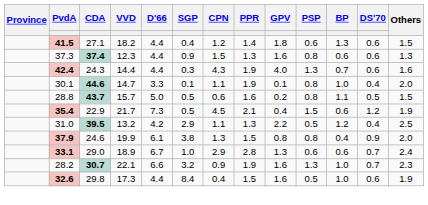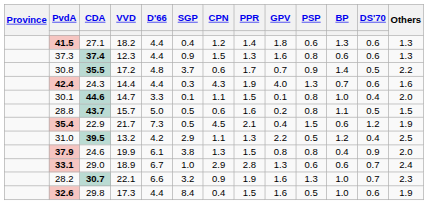 <table class="wikitable sortable" style="text-align:center;font-size:90%;line-height:14px">
 <tr style="height:40px;">
 <th rowspan="2"><a href='#'>Province</a></th>
 <th style="width:40px;"><a href='#'>PvdA</a></th>
 <th style="width:40px;"><a href='#'>CDA</a></th>
 <th style="width:40px;"><a href='#'>VVD</a></th>
 <th style="width:40px;"><a href='#'>D'66</a></th>
 <th style="width:40px;"><a href='#'>SGP</a></th>
 <th style="width:40px;"><a href='#'>CPN</a></th>
 <th style="width:40px;"><a href='#'>PPR</a></th>
 <th style="width:40px;"><a href='#'>GPV</a></th>
 <th style="width:40px;"><a href='#'>PSP</a></th>
 <th style="width:40px;"><a href='#'>BP</a></th>
 <th style="width:40px;"><a href='#'>DS'70</a></th>
 <th style="width:40px;" rowspan="2">Others</th>
 </tr>
 <tr>
 <th style="background:"></th>
 <th style="background:"></th>
 <th style="background:"></th>
 <th style="background:"></th>
 <th style="background:"></th>
 <th style="background:"></th>
 <th style="background:"></th>
 <th style="background:"></th>
 <th style="background:"></th>
 <th style="background:"></th>
 <th style="background:"></th>
 </tr>
 <tr>
 <td align="left"></td>
 <td style="background:#F6C5C1;"><strong>41.5</strong></td>
 <td>27.1</td>
 <td>18.2</td>
 <td>4.4</td>
 <td>0.4</td>
 <td>1.2</td>
 <td>1.4</td>
 <td>1.8</td>
 <td>0.6</td>
 <td>1.3</td>
 <td>0.6</td>
-<td>1.5</td>
+<td>1.3</td>
 </tr>
 <tr>
 <td align="left"></td>
 <td>37.3</td>
 <td style="background:#BADBD3;"><strong>37.4</strong></td>
 <td>12.3</td>
 <td>4.4</td>
 <td>0.9</td>
 <td>1.5</td>
 <td>1.3</td>
 <td>1.6</td>
 <td>0.8</td>
 <td>0.6</td>
 <td>0.6</td>
 <td>1.3</td>
+</tr>
+<tr>
+<td align="left"></td>
+<td>30.8</td>
+<td style="background:#BADBD3;"><strong>35.5</strong></td>
+<td>17.2</td>
+<td>4.8</td>
+<td>3.7</td>
+<td>0.6</td>
+<td>1.7</td>
+<td>0.7</td>
+<td>0.9</td>
+<td>1.4</td>
+<td>0.5</td>
+<td>2.2</td>
 </tr>
 <tr>
 <td align="left"></td>
 <td style="background:#F6C5C1;"><strong>42.4</strong></td>
 <td>24.3</td>
 <td>14.4</td>
 <td>4.4</td>
 <td>0.3</td>
 <td>4.3</td>
 <td>1.9</td>
 <td>4.0</td>
 <td>1.3</td>
 <td>0.7</td>
 <td>0.6</td>
 <td>1.6</td>
 </tr>
 <tr>
 <td align="left"></td>
 <td>30.1</td>
 <td style="background:#BADBD3;"><strong>44.6</strong></td>
 <td>14.7</td>
 <td>3.3</td>
 <td>0.1</td>
 <td>1.1</td>
-<td>1.9</td>
+<td>1.5</td>
 <td>0.1</td>
 <td>0.8</td>
 <td>1.0</td>
 <td>0.4</td>
 <td>2.0</td>
 </tr>
 <tr>
 <td align="left"></td>
 <td>28.8</td>
 <td style="background:#BADBD3;"><strong>43.7</strong></td>
 <td>15.7</td>
 <td>5.0</td>
 <td>0.5</td>
 <td>0.6</td>
 <td>1.6</td>
 <td>0.2</td>
 <td>0.8</td>
 <td>1.1</td>
 <td>0.5</td>
 <td>1.5</td>
 </tr>
 <tr>
 <td align="left"></td>
 <td style="background:#F6C5C1;"><strong>35.4</strong></td>
 <td>22.9</td>
 <td>21.7</td>
 <td>7.3</td>
 <td>0.5</td>
 <td>4.5</td>
 <td>2.1</td>
 <td>0.4</td>
 <td>1.5</td>
 <td>0.6</td>
 <td>1.2</td>
 <td>1.9</td>
 </tr>
 <tr>
 <td align="left"></td>
 <td>31.0</td>
 <td style="background:#BADBD3;"><strong>39.5</strong></td>
 <td>13.2</td>
 <td>4.2</td>
 <td>2.9</td>
 <td>1.1</td>
 <td>1.3</td>
 <td>2.2</td>
 <td>0.5</td>
 <td>1.2</td>
 <td>0.4</td>
 <td>2.5</td>
 </tr>
 <tr>
 <td align="left"></td>
 <td style="background:#F6C5C1;"><strong>37.9</strong></td>
 <td>24.6</td>
 <td>19.9</td>
 <td>6.1</td>
 <td>3.8</td>
 <td>1.3</td>
 <td>1.5</td>
 <td>0.8</td>
 <td>0.8</td>
 <td>0.4</td>
 <td>0.9</td>
 <td>2.0</td>
 </tr>
 <tr>
 <td align="left"></td>
 <td style="background:#F6C5C1;"><strong>33.1</strong></td>
 <td>29.0</td>
 <td>18.9</td>
 <td>6.7</td>
 <td>1.0</td>
 <td>2.9</td>
 <td>2.8</td>
 <td>1.3</td>
 <td>0.6</td>
 <td>0.6</td>
 <td>0.7</td>
 <td>2.4</td>
 </tr>
 <tr>
 <td align="left"></td>
 <td>28.2</td>
 <td style="background:#BADBD3;"><strong>30.7</strong></td>
 <td>22.1</td>
 <td>6.6</td>
 <td>3.2</td>
 <td>0.9</td>
 <td>1.9</td>
 <td>1.6</td>
 <td>1.3</td>
 <td>1.0</td>
 <td>0.7</td>
 <td>2.3</td>
 </tr>
 <tr>
 <td align="left"></td>
 <td style="background:#F6C5C1;"><strong>32.6</strong></td>
 <td>29.8</td>
 <td>17.3</td>
 <td>4.4</td>
 <td>8.4</td>
 <td>0.4</td>
 <td>1.5</td>
 <td>1.6</td>
 <td>0.5</td>
 <td>1.0</td>
 <td>0.6</td>
 <td>1.9</td>
 </tr>
 </table>
